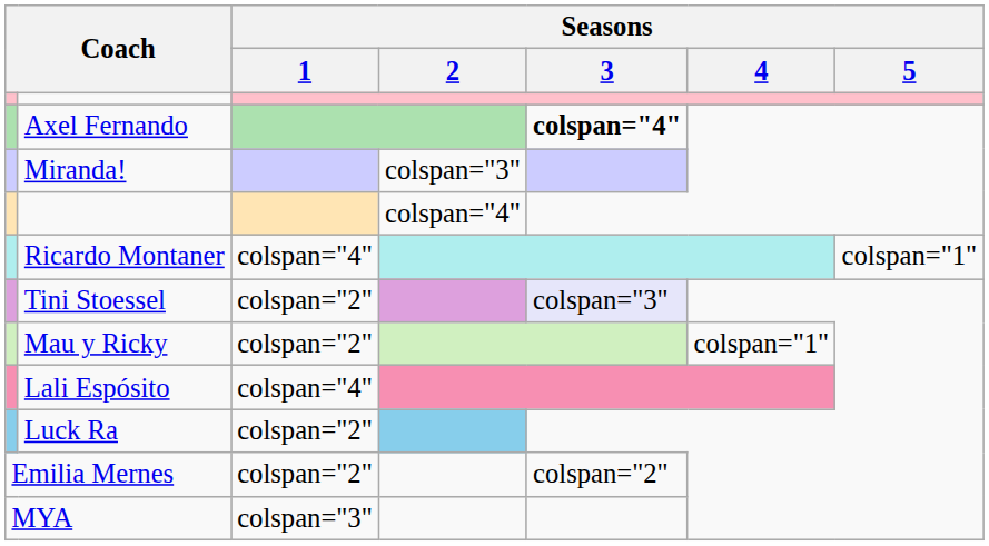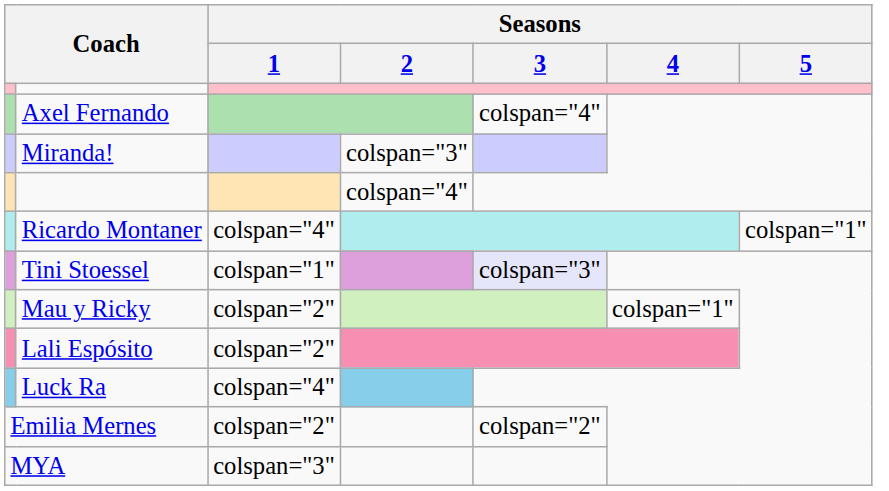 <table class="wikitable">
 <tr>
 <th rowspan="2" colspan="2">Coach</th>
 <th colspan="7">Seasons</th>
 </tr>
 <tr>
 <th width="60"><a href='#'>1</a></th>
 <th width="60"><a href='#'>2</a></th>
 <th width="60"><a href='#'>3</a></th>
 <th width="60"><a href='#'>4</a></th>
 <th width="60"><a href='#'>5</a></th>
 </tr>
 <tr>
 <td style="background:pink"></td>
 <td></td>
 <td colspan="5" bgcolor="pink"></td>
 </tr>
 <tr>
 <td style="background:#ace1af"></td>
 <td><a href='#'>Axel Fernando</a></td>
 <td colspan="2" bgcolor="#ace1af"></td>
-<td><strong>colspan="4" </strong></td>
+<td>colspan="4" </td>
 </tr>
 <tr>
 <td style="background:#ccf"></td>
 <td><a href='#'>Miranda!</a></td>
 <td colspan="1" bgcolor="#ccf"></td>
 <td>colspan="3" </td>
 <td colspan="1" bgcolor="#ccf"></td>
 </tr>
 <tr>
 <td style="background:#ffe5b4"></td>
 <td></td>
 <td colspan="1" bgcolor="#ffe5b4"></td>
 <td>colspan="4" </td>
 </tr>
 <tr>
 <td style="background:#afeeee"></td>
 <td><a href='#'>Ricardo Montaner</a></td>
 <td>colspan="4" </td>
 <td colspan="3" bgcolor="#afeeee"></td>
 <td>colspan="1" </td>
 </tr>
 <tr>
 <td style="background:#dda0dd"></td>
 <td><a href='#'>Tini Stoessel</a></td>
-<td>colspan="2" </td>
+<td>colspan="1" </td>
 <td bgcolor="#dda0dd"></td>
 <td style="background: lavender;">colspan="3" </td>
 </tr>
 <tr>
 <td style="background:#d0f0c0"></td>
 <td><a href='#'>Mau y Ricky</a></td>
 <td>colspan="2" </td>
 <td colspan="2" bgcolor="#d0f0c0"></td>
 <td>colspan="1" </td>
 </tr>
 <tr>
 <td style="background:#f78fb2"></td>
 <td><a href='#'>Lali Espósito</a></td>
-<td>colspan="4" </td>
+<td>colspan="2" </td>
 <td colspan="3" bgcolor="#f78fb2"></td>
 </tr>
 <tr>
 <td style="background:#87ceeb"></td>
 <td><a href='#'>Luck Ra</a></td>
-<td>colspan="2" </td>
+<td>colspan="4" </td>
 <td bgcolor="#87ceeb"></td>
 </tr>
 <tr>
 <td colspan="2"><a href='#'>Emilia Mernes</a></td>
 <td>colspan="2" </td>
 <td colspan="1" style="text-align:center"></td>
 <td>colspan="2" </td>
 </tr>
 <tr>
 <td colspan="2"><a href='#'>MYA</a></td>
 <td>colspan="3" </td>
 <td colspan="1" style="text-align:center"></td>
 <td></td>
 </tr>
 </table>
